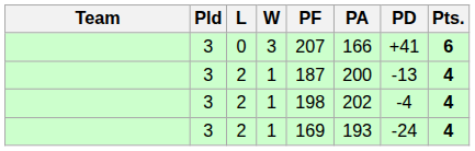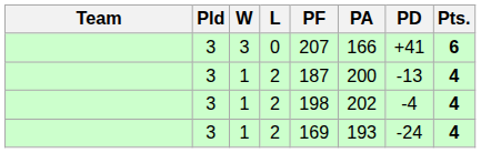 <table class=wikitable style="text-align:center">
 <tr>
 <th width=160>Team</th>
 <th width=20>Pld</th>
+<th width=20>W</th>
 <th width=20>L</th>
-<th width=20>W</th>
 <th width=35>PF</th>
 <th width=35>PA</th>
 <th width=35>PD</th>
 <th width=30>Pts.</th>
 </tr>
 <tr align="center" bgcolor="#CCFFCC">
 <td align=left></td>
 <td>3</td>
+<td>3</td>
 <td>0</td>
-<td>3</td>
 <td>207</td>
 <td>166</td>
 <td>+41</td>
 <td><strong>6</strong></td>
 </tr>
 <tr align="center" bgcolor="#CCFFCC">
 <td align=left></td>
 <td>3</td>
+<td>1</td>
 <td>2</td>
-<td>1</td>
 <td>187</td>
 <td>200</td>
 <td>-13</td>
 <td><strong>4</strong></td>
 </tr>
 <tr align="center" bgcolor="#CCFFCC">
 <td align=left></td>
 <td>3</td>
+<td>1</td>
 <td>2</td>
-<td>1</td>
 <td>198</td>
 <td>202</td>
 <td>-4</td>
 <td><strong>4</strong></td>
 </tr>
 <tr align="center" bgcolor="#CCFFCC">
 <td align=left></td>
 <td>3</td>
+<td>1</td>
 <td>2</td>
-<td>1</td>
 <td>169</td>
 <td>193</td>
 <td>-24</td>
 <td><strong>4</strong></td>
 </tr>
 </table>
